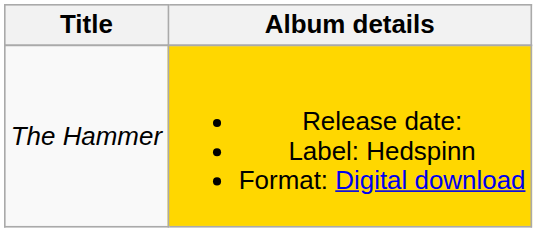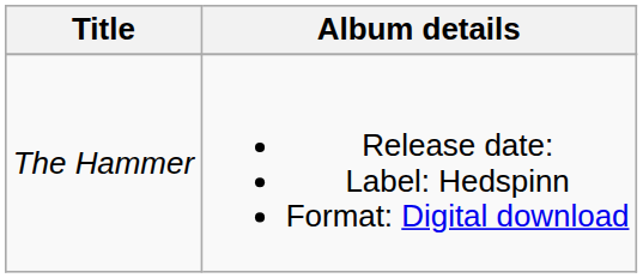 <table class="wikitable plainrowheaders" style="text-align:center;">
 <tr>
 <th scope=col>Title</th>
 <th scope=col>Album details</th>
 </tr>
 <tr style="font-size:smaller;">
 </tr>
 <tr>
 <td scope=row align=left><em>The Hammer</em></td>
-<td style="background: gold;"><br><ul><li>Release date: </li><li>Label: Hedspinn</li><li>Format: <a href='#'>Digital download</a></li></ul></td>
+<td><br><ul><li>Release date: </li><li>Label: Hedspinn</li><li>Format: <a href='#'>Digital download</a></li></ul></td>
 </tr>
 </table>
